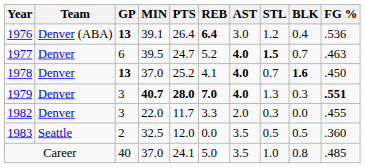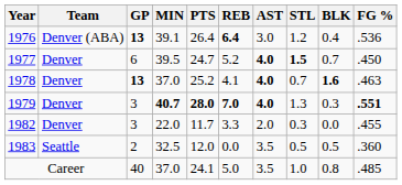 <table class="wikitable sortable">
 <tr>
 <th>Year</th>
 <th>Team</th>
 <th>GP</th>
 <th>MIN</th>
 <th>PTS</th>
 <th>REB</th>
 <th>AST</th>
 <th>STL</th>
 <th>BLK</th>
 <th>FG %</th>
 </tr>
 <tr>
 <td><a href='#'>1976</a></td>
 <td><a href='#'>Denver</a> (ABA)</td>
 <td><strong>13</strong></td>
 <td>39.1</td>
 <td>26.4</td>
 <td><strong>6.4</strong></td>
 <td>3.0</td>
 <td>1.2</td>
 <td>0.4</td>
 <td>.536</td>
 </tr>
 <tr>
 <td><a href='#'>1977</a></td>
 <td><a href='#'>Denver</a></td>
 <td>6</td>
 <td>39.5</td>
 <td>24.7</td>
 <td>5.2</td>
 <td><strong>4.0</strong></td>
 <td><strong>1.5</strong></td>
 <td>0.7</td>
-<td>.463</td>
+<td>.450</td>
 </tr>
 <tr>
 <td><a href='#'>1978</a></td>
 <td><a href='#'>Denver</a></td>
 <td><strong>13</strong></td>
 <td>37.0</td>
 <td>25.2</td>
 <td>4.1</td>
 <td><strong>4.0</strong></td>
 <td>0.7</td>
 <td><strong>1.6</strong></td>
-<td>.450</td>
+<td>.463</td>
 </tr>
 <tr>
 <td><a href='#'>1979</a></td>
 <td><a href='#'>Denver</a></td>
 <td>3</td>
 <td><strong>40.7</strong></td>
 <td><strong>28.0</strong></td>
 <td><strong>7.0</strong></td>
 <td><strong>4.0</strong></td>
 <td>1.3</td>
 <td>0.3</td>
 <td><strong>.551</strong></td>
 </tr>
 <tr>
 <td><a href='#'>1982</a></td>
 <td><a href='#'>Denver</a></td>
 <td>3</td>
 <td>22.0</td>
 <td>11.7</td>
 <td>3.3</td>
 <td>2.0</td>
 <td>0.3</td>
 <td>0.0</td>
 <td>.455</td>
 </tr>
 <tr>
 <td><a href='#'>1983</a></td>
 <td><a href='#'>Seattle</a></td>
 <td>2</td>
 <td>32.5</td>
 <td>12.0</td>
 <td>0.0</td>
 <td>3.5</td>
 <td>0.5</td>
 <td>0.5</td>
 <td>.360</td>
 </tr>
 <tr class="sortbottom">
 <td style="text-align:center;" colspan=2>Career</td>
 <td>40</td>
 <td>37.0</td>
 <td>24.1</td>
 <td>5.0</td>
 <td>3.5</td>
 <td>1.0</td>
 <td>0.8</td>
 <td>.485</td>
 </tr>
 </table>
